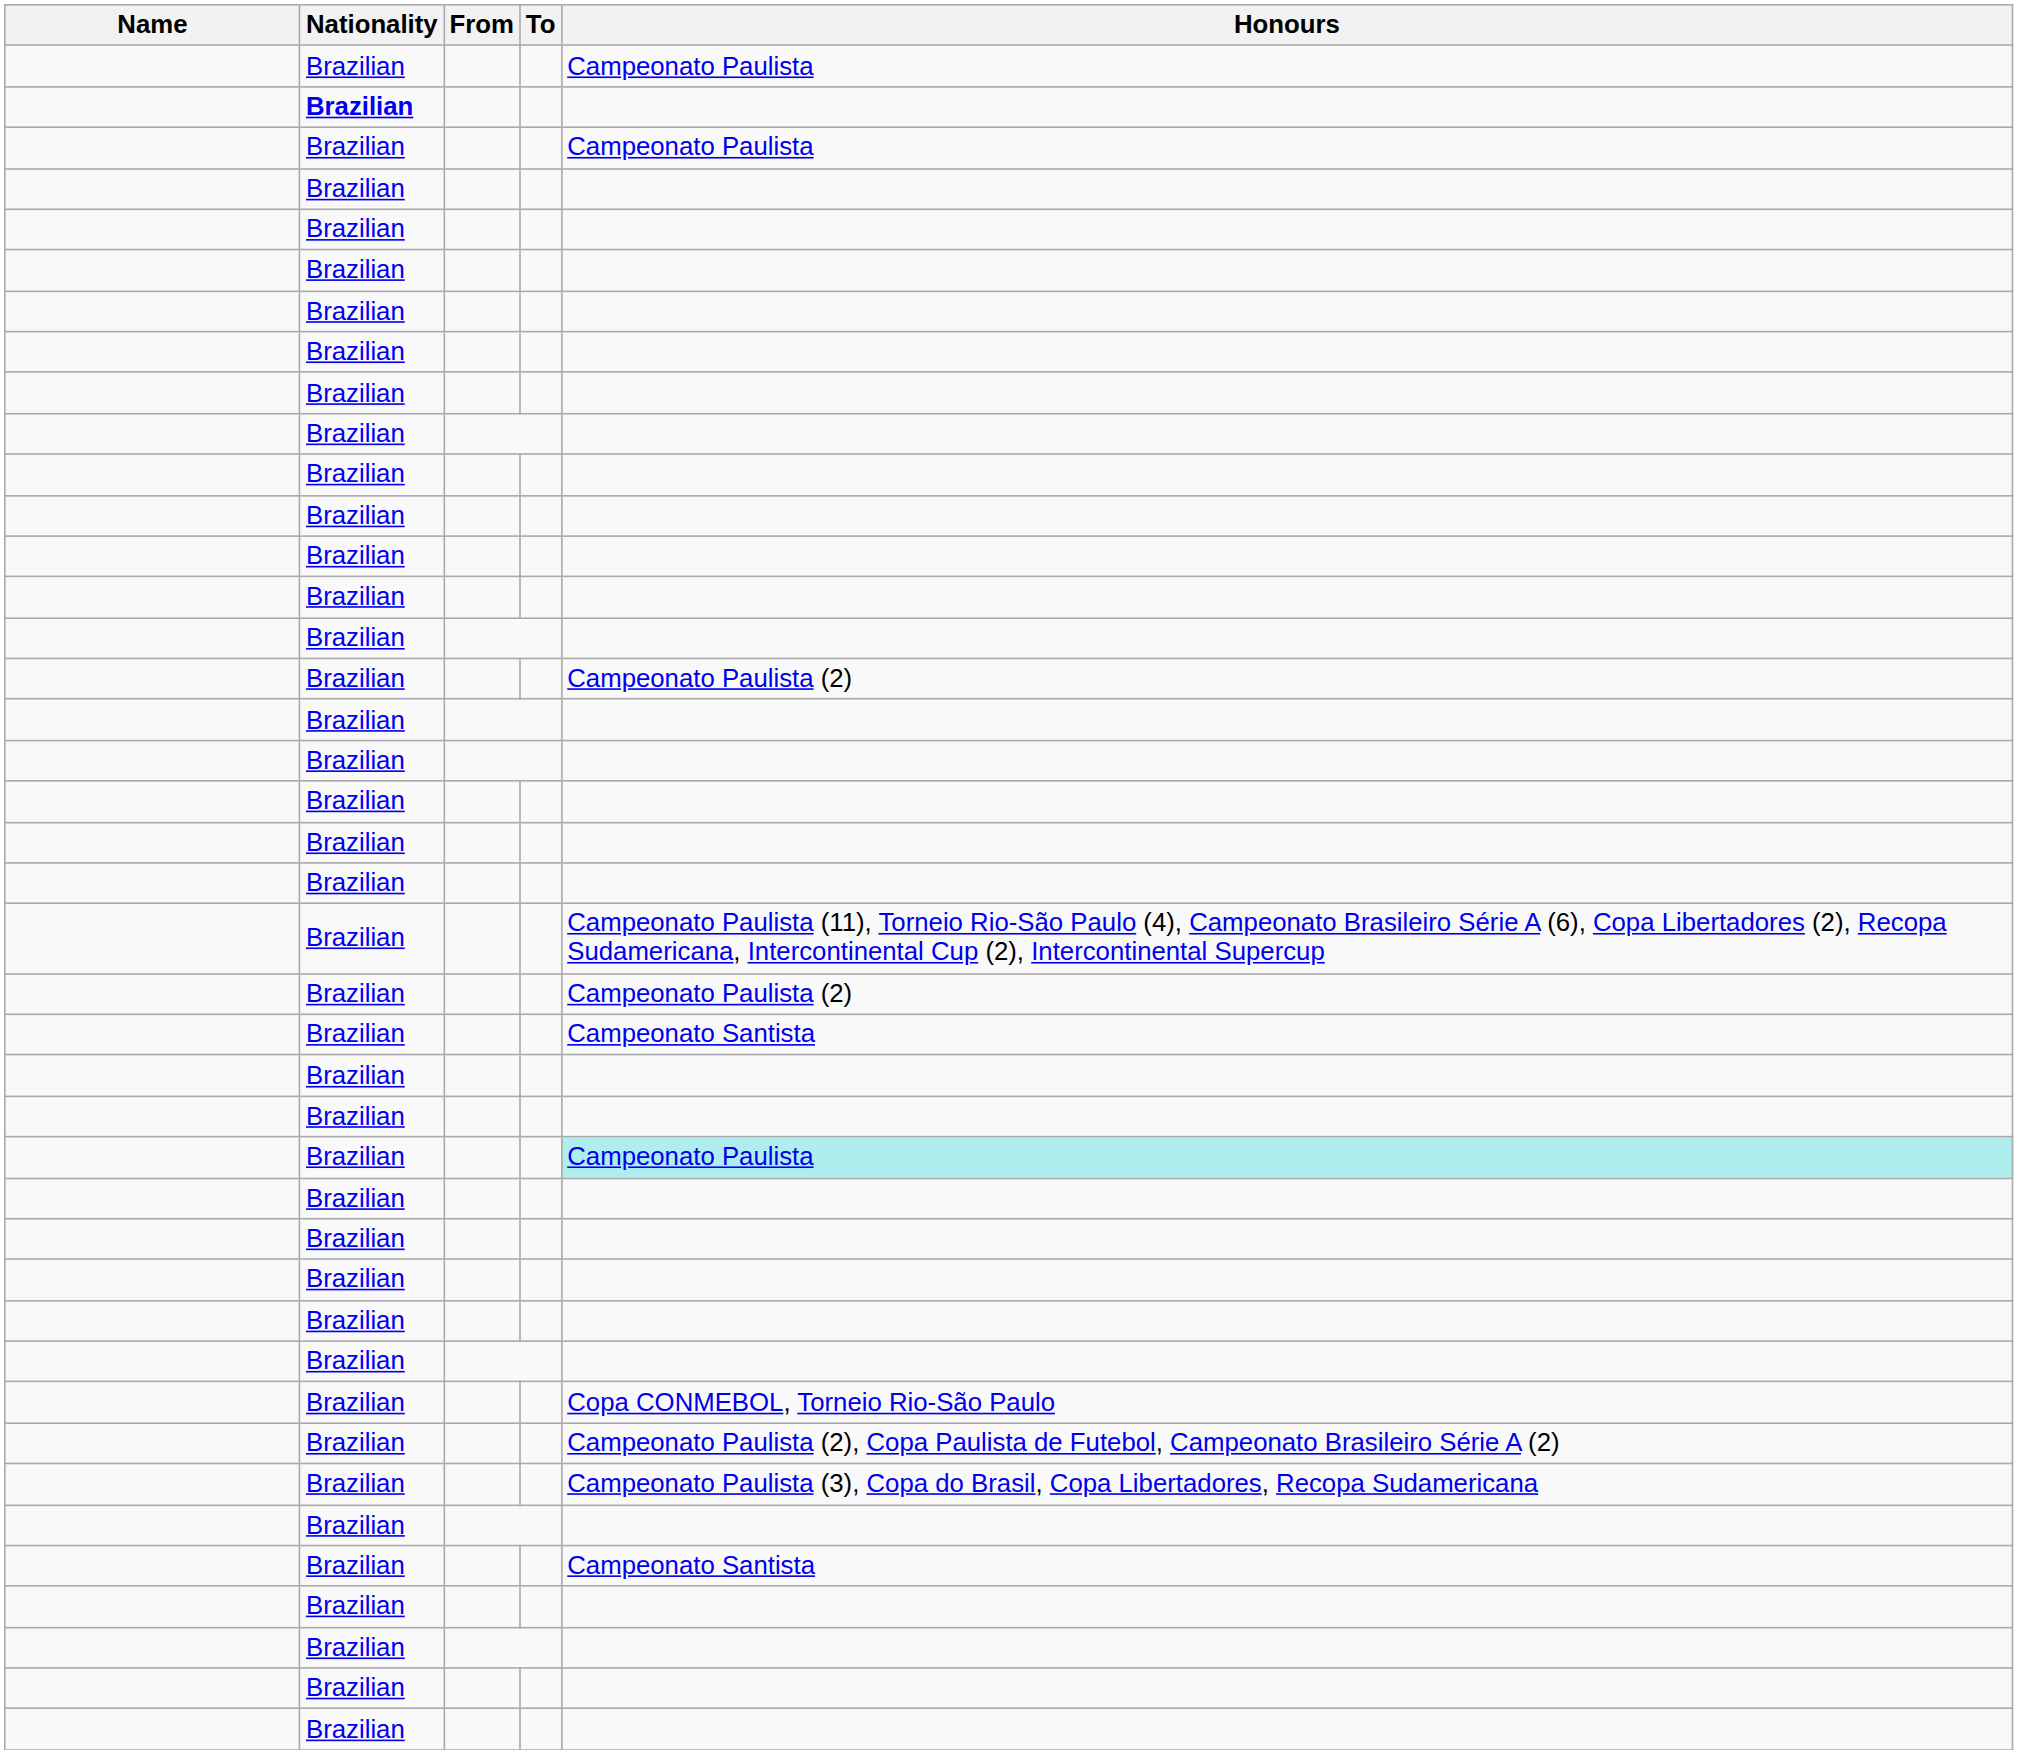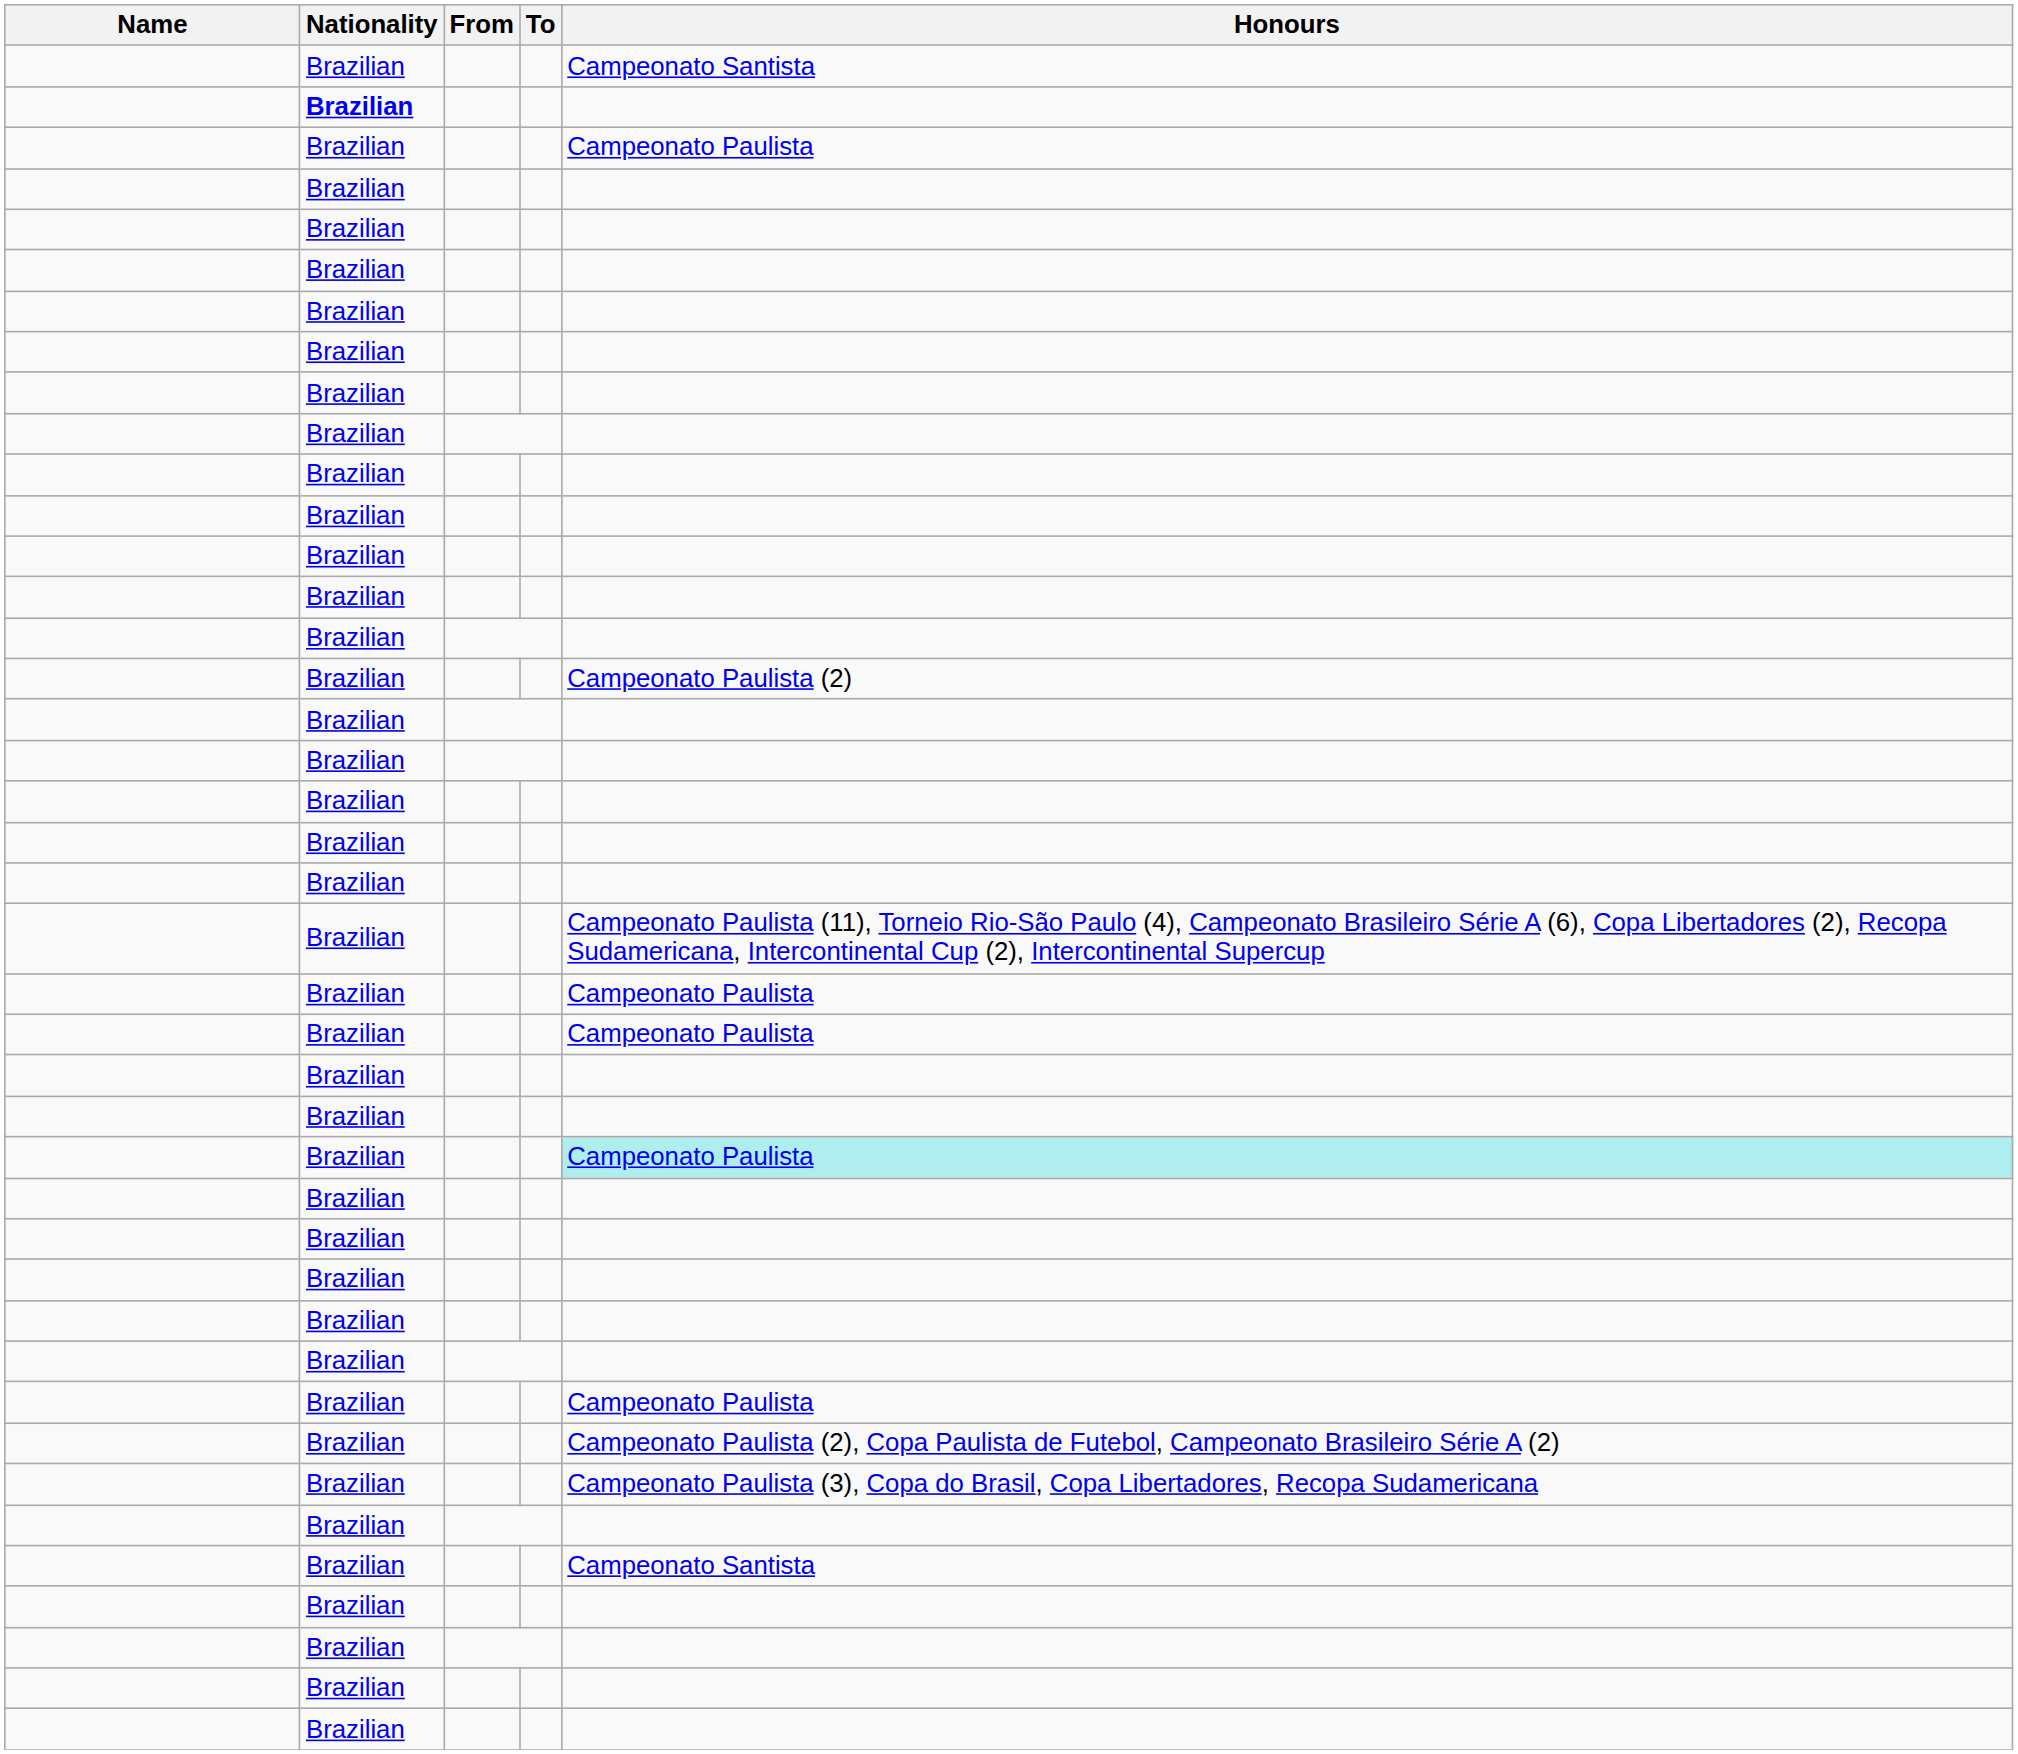 <table class="wikitable sortable" style="text-align: left;">
 <tr>
 <th style="width:11em">Name</th>
 <th>Nationality</th>
 <th>From</th>
 <th !class="unsortable">To</th>
 <th !class="unsortable">Honours</th>
 </tr>
 <tr>
 <td></td>
 <td align=left><a href='#'>Brazilian</a></td>
 <td align=center></td>
 <td align=center></td>
-<td><a href='#'>Campeonato Paulista</a></td>
+<td><a href='#'>Campeonato Santista</a></td>
 </tr>
 <tr>
 <td></td>
 <td align=left><strong><a href='#'>Brazilian</a></strong></td>
 <td align=center></td>
 <td align=center></td>
 <td></td>
 </tr>
 <tr>
 <td></td>
 <td align=left><a href='#'>Brazilian</a></td>
 <td align=center></td>
 <td align=center></td>
 <td><a href='#'>Campeonato Paulista</a></td>
 </tr>
 <tr>
 <td></td>
 <td align=left><a href='#'>Brazilian</a></td>
 <td align=center></td>
 <td align=center></td>
 <td></td>
 </tr>
 <tr>
 <td></td>
 <td align=left><a href='#'>Brazilian</a></td>
 <td align=center></td>
 <td align=center></td>
 <td></td>
 </tr>
 <tr>
 <td></td>
 <td align=left><a href='#'>Brazilian</a></td>
 <td align=center></td>
 <td align=center></td>
 <td></td>
 </tr>
 <tr>
 <td></td>
 <td align=left><a href='#'>Brazilian</a></td>
 <td align=center></td>
 <td align=center></td>
 <td></td>
 </tr>
 <tr>
 <td></td>
 <td align=left><a href='#'>Brazilian</a></td>
 <td align=center></td>
 <td align=center></td>
 <td></td>
 </tr>
 <tr>
 <td></td>
 <td align=left><a href='#'>Brazilian</a></td>
 <td align=center></td>
 <td align=center></td>
 <td></td>
 </tr>
 <tr>
 <td></td>
 <td align=left><a href='#'>Brazilian</a></td>
 <td style="text-align:center;" colspan="2"></td>
 <td></td>
 </tr>
 <tr>
 <td></td>
 <td align=left><a href='#'>Brazilian</a></td>
 <td align=center></td>
 <td align=center></td>
 <td></td>
 </tr>
 <tr>
 <td></td>
 <td align=left><a href='#'>Brazilian</a></td>
 <td align=center></td>
 <td align=center></td>
 <td></td>
 </tr>
 <tr>
 <td></td>
 <td align=left><a href='#'>Brazilian</a></td>
 <td align=center></td>
 <td align=center></td>
 <td></td>
 </tr>
 <tr>
 <td></td>
 <td align=left><a href='#'>Brazilian</a></td>
 <td align=center></td>
 <td align=center></td>
 <td></td>
 </tr>
 <tr>
 <td></td>
 <td align=left><a href='#'>Brazilian</a></td>
 <td style="text-align:center;" colspan="2"></td>
 <td></td>
 </tr>
 <tr>
 <td></td>
 <td align=left><a href='#'>Brazilian</a></td>
 <td align=center></td>
 <td align=center></td>
 <td><a href='#'>Campeonato Paulista</a> (2)</td>
 </tr>
 <tr>
 <td></td>
 <td align=left><a href='#'>Brazilian</a></td>
 <td style="text-align:center;" colspan="2"></td>
 <td></td>
 </tr>
 <tr>
 <td></td>
 <td align=left><a href='#'>Brazilian</a></td>
 <td style="text-align:center;" colspan="2"></td>
 <td></td>
 </tr>
 <tr>
 <td></td>
 <td align=left><a href='#'>Brazilian</a></td>
 <td align=center></td>
 <td align=center></td>
 <td></td>
 </tr>
 <tr>
 <td></td>
 <td align=left><a href='#'>Brazilian</a></td>
 <td align=center></td>
 <td align=center></td>
 <td></td>
 </tr>
 <tr>
 <td></td>
 <td align=left><a href='#'>Brazilian</a></td>
 <td align=center></td>
 <td align=center></td>
 <td></td>
 </tr>
 <tr>
 <td></td>
 <td align=left><a href='#'>Brazilian</a></td>
 <td align=center></td>
 <td align=center></td>
 <td><a href='#'>Campeonato Paulista</a> (11), <a href='#'>Torneio Rio-São Paulo</a> (4), <a href='#'>Campeonato Brasileiro Série A</a> (6), <a href='#'>Copa Libertadores</a> (2), <a href='#'>Recopa Sudamericana</a>, <a href='#'>Intercontinental Cup</a> (2), <a href='#'>Intercontinental Supercup</a></td>
 </tr>
 <tr>
 <td></td>
 <td align=left><a href='#'>Brazilian</a></td>
 <td align=center></td>
 <td align=center></td>
-<td><a href='#'>Campeonato Paulista</a> (2)</td>
+<td><a href='#'>Campeonato Paulista</a></td>
 </tr>
 <tr>
 <td></td>
 <td align=left><a href='#'>Brazilian</a></td>
 <td align=center></td>
 <td align=center></td>
-<td><a href='#'>Campeonato Santista</a></td>
+<td><a href='#'>Campeonato Paulista</a></td>
 </tr>
 <tr>
 <td></td>
 <td align=left><a href='#'>Brazilian</a></td>
 <td align=center></td>
 <td align=center></td>
 <td></td>
 </tr>
 <tr>
 <td></td>
 <td align=left><a href='#'>Brazilian</a></td>
 <td align=center></td>
 <td align=center></td>
 <td></td>
 </tr>
 <tr>
 <td></td>
 <td align=left><a href='#'>Brazilian</a></td>
 <td align=center></td>
 <td align=center></td>
 <td style="background: paleturquoise;"><a href='#'>Campeonato Paulista</a></td>
 </tr>
 <tr>
 <td></td>
 <td align=left><a href='#'>Brazilian</a></td>
 <td align=center></td>
 <td align=center></td>
 <td></td>
 </tr>
 <tr>
 <td></td>
 <td align=left><a href='#'>Brazilian</a></td>
 <td align=center></td>
 <td align=center></td>
 <td></td>
 </tr>
 <tr>
 <td></td>
 <td align=left><a href='#'>Brazilian</a></td>
 <td align=center></td>
 <td align=center></td>
 <td></td>
 </tr>
 <tr>
 <td></td>
 <td align=left><a href='#'>Brazilian</a></td>
 <td align=center></td>
 <td align=center></td>
 <td></td>
 </tr>
 <tr>
 <td></td>
 <td align=left><a href='#'>Brazilian</a></td>
 <td style="text-align:center;" colspan="2"></td>
 <td></td>
 </tr>
 <tr>
 <td></td>
 <td align=left><a href='#'>Brazilian</a></td>
 <td align=center></td>
 <td align=center></td>
-<td><a href='#'>Copa CONMEBOL</a>, <a href='#'>Torneio Rio-São Paulo</a></td>
+<td><a href='#'>Campeonato Paulista</a></td>
 </tr>
 <tr>
 <td></td>
 <td align=left><a href='#'>Brazilian</a></td>
 <td align=center></td>
 <td align=center></td>
 <td><a href='#'>Campeonato Paulista</a> (2), <a href='#'>Copa Paulista de Futebol</a>, <a href='#'>Campeonato Brasileiro Série A</a> (2)</td>
 </tr>
 <tr>
 <td></td>
 <td align=left><a href='#'>Brazilian</a></td>
 <td align=center></td>
 <td align=center></td>
 <td><a href='#'>Campeonato Paulista</a> (3), <a href='#'>Copa do Brasil</a>, <a href='#'>Copa Libertadores</a>, <a href='#'>Recopa Sudamericana</a></td>
 </tr>
 <tr>
 <td></td>
 <td align=left><a href='#'>Brazilian</a></td>
 <td style="text-align:center;" colspan="2"></td>
 <td></td>
 </tr>
 <tr>
 <td></td>
 <td align=left><a href='#'>Brazilian</a></td>
 <td align=center></td>
 <td align=center></td>
 <td><a href='#'>Campeonato Santista</a></td>
 </tr>
 <tr>
 <td></td>
 <td align=left><a href='#'>Brazilian</a></td>
 <td align=center></td>
 <td align=center></td>
 <td></td>
 </tr>
 <tr>
 <td></td>
 <td align=left><a href='#'>Brazilian</a></td>
 <td style="text-align:center;" colspan="2"></td>
 <td></td>
 </tr>
 <tr>
 <td></td>
 <td align=left><a href='#'>Brazilian</a></td>
 <td align=center></td>
 <td align=center></td>
 <td></td>
 </tr>
 <tr>
 <td></td>
 <td align=left><a href='#'>Brazilian</a></td>
 <td align=center></td>
 <td align=center></td>
 <td></td>
 </tr>
 </table>
